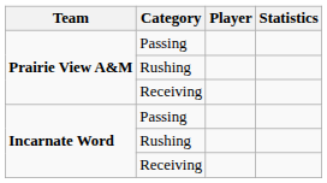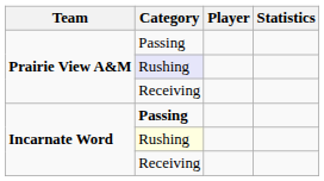 <table class="wikitable" style="float: left;">
 <tr>
 <th>Team</th>
 <th>Category</th>
 <th>Player</th>
 <th>Statistics</th>
 </tr>
 <tr>
 <td rowspan=3><strong>Prairie View A&M</strong></td>
 <td>Passing</td>
 <td> </td>
 <td> </td>
 </tr>
 <tr>
-<td>Rushing</td>
+<td style="background: lavender;">Rushing</td>
 <td> </td>
 <td> </td>
 </tr>
 <tr>
 <td>Receiving</td>
 <td> </td>
 <td> </td>
 </tr>
 <tr>
 <td rowspan=3><strong>Incarnate Word</strong></td>
-<td>Passing</td>
+<td><strong>Passing</strong></td>
 <td> </td>
 <td> </td>
 </tr>
 <tr>
-<td>Rushing</td>
+<td style="background: lightyellow;">Rushing</td>
 <td> </td>
 <td> </td>
 </tr>
 <tr>
 <td>Receiving</td>
 <td> </td>
 <td> </td>
 </tr>
 </table>
